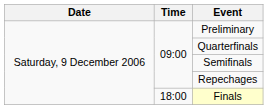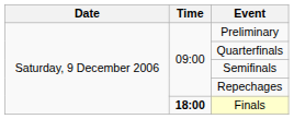 <table class = "wikitable" style="text-align:center;">
 <tr>
 <th width=220>Date</th>
 <th width=50>Time</th>
 <th width=100>Event</th>
 </tr>
 <tr>
 <td rowspan=5>Saturday, 9 December 2006</td>
 <td rowspan=4>09:00</td>
 <td>Preliminary</td>
 </tr>
 <tr>
 <td>Quarterfinals</td>
 </tr>
 <tr>
 <td>Semifinals</td>
 </tr>
 <tr>
 <td>Repechages</td>
 </tr>
 <tr>
-<td>18:00</td>
+<td><strong>18:00</strong></td>
 <td bgcolor=ffffcc>Finals</td>
 </tr>
 </table>
